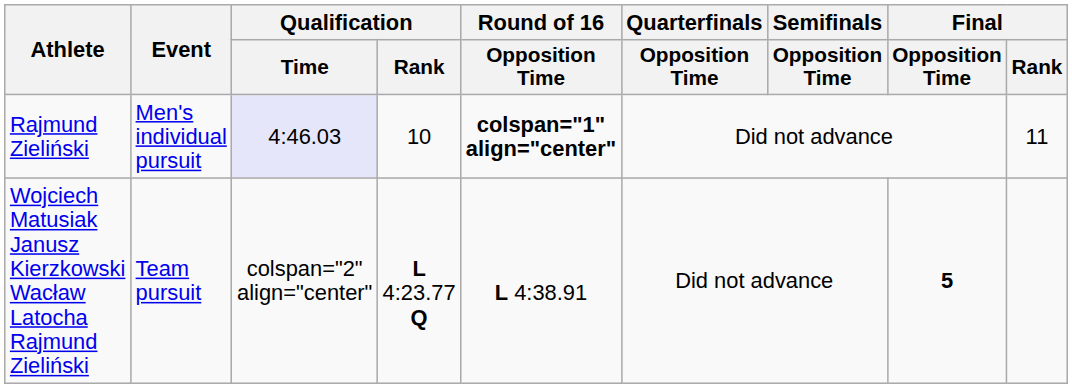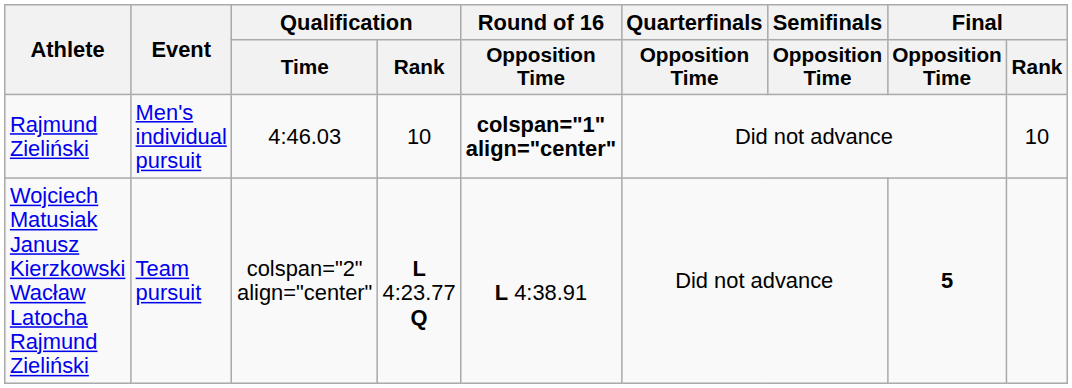 <table class="wikitable" style="font-size:90%">
 <tr>
 <th rowspan="2">Athlete</th>
 <th rowspan="2">Event</th>
 <th colspan=2>Qualification</th>
 <th>Round of 16</th>
 <th>Quarterfinals</th>
 <th>Semifinals</th>
 <th colspan=2>Final</th>
 </tr>
 <tr style="font-size:95%">
 <th>Time</th>
 <th>Rank</th>
 <th>Opposition<br>Time</th>
 <th>Opposition<br>Time</th>
 <th>Opposition<br>Time</th>
 <th>Opposition<br>Time</th>
 <th>Rank</th>
 </tr>
 <tr align=center>
 <td align=left><a href='#'>Rajmund Zieliński</a></td>
 <td align=left><a href='#'>Men's individual pursuit</a></td>
-<td style="background: lavender;">4:46.03</td>
+<td>4:46.03</td>
 <td>10</td>
 <td><strong>colspan="1"  align="center" </strong></td>
 <td colspan=3>Did not advance</td>
-<td>11</td>
+<td>10</td>
 </tr>
 <tr align=center>
 <td align=left><a href='#'>Wojciech Matusiak</a><br><a href='#'>Janusz Kierzkowski</a><br><a href='#'>Wacław Latocha</a><br><a href='#'>Rajmund Zieliński</a></td>
 <td align=left><a href='#'>Team pursuit</a></td>
 <td>colspan="2"  align="center" </td>
 <td><br><strong>L</strong> 4:23.77 <strong>Q</strong></td>
 <td><br><strong>L</strong> 4:38.91</td>
 <td colspan=2>Did not advance</td>
 <td><strong>5</strong></td>
 </tr>
 </table>
